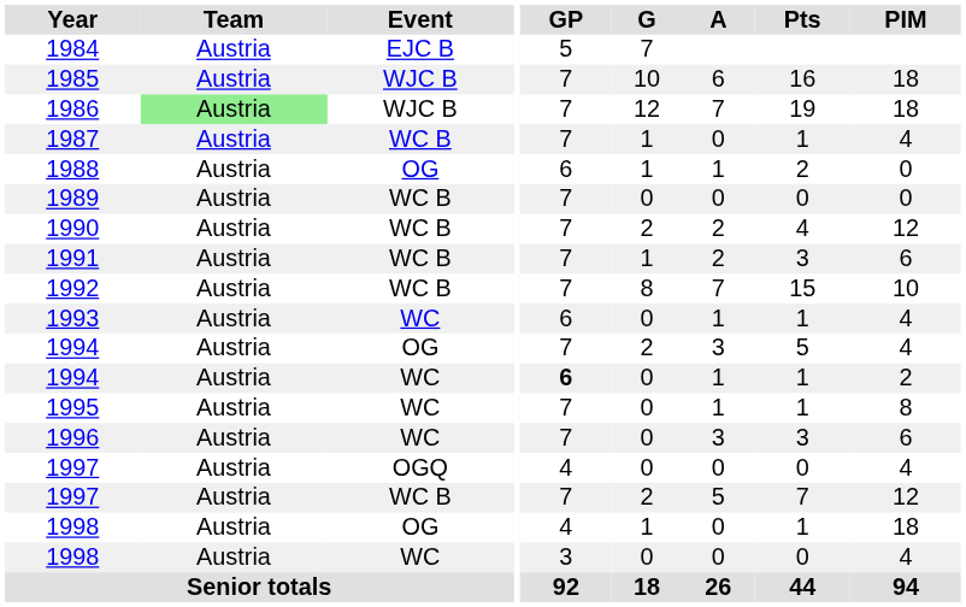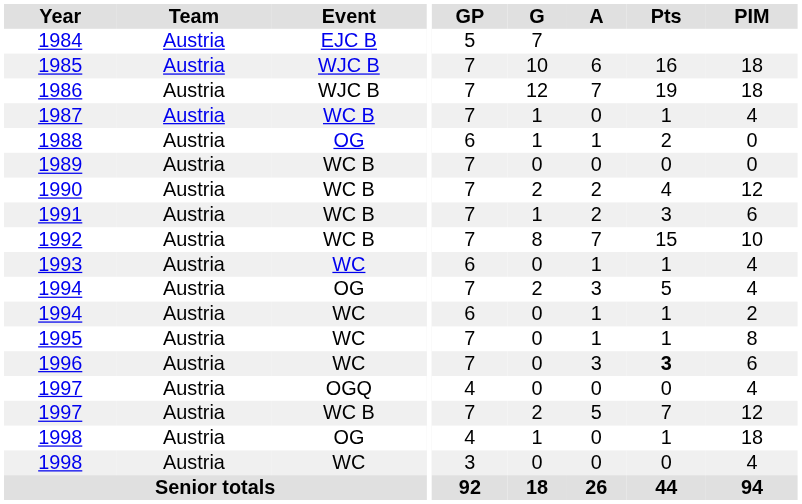 <table border="0" cellpadding="1" cellspacing="0" style="text-align:center; width:40em">
 <tr bgcolor="#e0e0e0">
 <th>Year</th>
 <th>Team</th>
 <th>Event</th>
 <th rowspan="99" bgcolor="#ffffff"></th>
 <th>GP</th>
 <th>G</th>
 <th>A</th>
 <th>Pts</th>
 <th>PIM</th>
 </tr>
 <tr>
 <td><a href='#'>1984</a></td>
 <td><a href='#'>Austria</a></td>
 <td><a href='#'>EJC B</a></td>
 <td>5</td>
 <td>7</td>
 <td></td>
 <td></td>
 <td></td>
 </tr>
 <tr bgcolor="#f0f0f0">
 <td><a href='#'>1985</a></td>
 <td><a href='#'>Austria</a></td>
 <td><a href='#'>WJC B</a></td>
 <td>7</td>
 <td>10</td>
 <td>6</td>
 <td>16</td>
 <td>18</td>
 </tr>
 <tr>
 <td><a href='#'>1986</a></td>
-<td style="background: lightgreen;">Austria</td>
+<td>Austria</td>
 <td>WJC B</td>
 <td>7</td>
 <td>12</td>
 <td>7</td>
 <td>19</td>
 <td>18</td>
 </tr>
 <tr bgcolor="#f0f0f0">
 <td><a href='#'>1987</a></td>
 <td><a href='#'>Austria</a></td>
 <td><a href='#'>WC B</a></td>
 <td>7</td>
 <td>1</td>
 <td>0</td>
 <td>1</td>
 <td>4</td>
 </tr>
 <tr>
 <td><a href='#'>1988</a></td>
 <td>Austria</td>
 <td><a href='#'>OG</a></td>
 <td>6</td>
 <td>1</td>
 <td>1</td>
 <td>2</td>
 <td>0</td>
 </tr>
 <tr bgcolor="#f0f0f0">
 <td><a href='#'>1989</a></td>
 <td>Austria</td>
 <td>WC B</td>
 <td>7</td>
 <td>0</td>
 <td>0</td>
 <td>0</td>
 <td>0</td>
 </tr>
 <tr>
 <td><a href='#'>1990</a></td>
 <td>Austria</td>
 <td>WC B</td>
 <td>7</td>
 <td>2</td>
 <td>2</td>
 <td>4</td>
 <td>12</td>
 </tr>
 <tr bgcolor="#f0f0f0">
 <td><a href='#'>1991</a></td>
 <td>Austria</td>
 <td>WC B</td>
 <td>7</td>
 <td>1</td>
 <td>2</td>
 <td>3</td>
 <td>6</td>
 </tr>
 <tr>
 <td><a href='#'>1992</a></td>
 <td>Austria</td>
 <td>WC B</td>
 <td>7</td>
 <td>8</td>
 <td>7</td>
 <td>15</td>
 <td>10</td>
 </tr>
 <tr bgcolor="#f0f0f0">
 <td><a href='#'>1993</a></td>
 <td>Austria</td>
 <td><a href='#'>WC</a></td>
 <td>6</td>
 <td>0</td>
 <td>1</td>
 <td>1</td>
 <td>4</td>
 </tr>
 <tr>
 <td><a href='#'>1994</a></td>
 <td>Austria</td>
 <td>OG</td>
 <td>7</td>
 <td>2</td>
 <td>3</td>
 <td>5</td>
 <td>4</td>
 </tr>
 <tr bgcolor="#f0f0f0">
 <td><a href='#'>1994</a></td>
 <td>Austria</td>
 <td>WC</td>
-<td><strong>6</strong></td>
+<td>6</td>
 <td>0</td>
 <td>1</td>
 <td>1</td>
 <td>2</td>
 </tr>
 <tr>
 <td><a href='#'>1995</a></td>
 <td>Austria</td>
 <td>WC</td>
 <td>7</td>
 <td>0</td>
 <td>1</td>
 <td>1</td>
 <td>8</td>
 </tr>
 <tr bgcolor="#f0f0f0">
 <td><a href='#'>1996</a></td>
 <td>Austria</td>
 <td>WC</td>
 <td>7</td>
 <td>0</td>
 <td>3</td>
-<td>3</td>
+<td><strong>3</strong></td>
 <td>6</td>
 </tr>
 <tr>
 <td><a href='#'>1997</a></td>
 <td>Austria</td>
 <td>OGQ</td>
 <td>4</td>
 <td>0</td>
 <td>0</td>
 <td>0</td>
 <td>4</td>
 </tr>
 <tr bgcolor="#f0f0f0">
 <td><a href='#'>1997</a></td>
 <td>Austria</td>
 <td>WC B</td>
 <td>7</td>
 <td>2</td>
 <td>5</td>
 <td>7</td>
 <td>12</td>
 </tr>
 <tr>
 <td><a href='#'>1998</a></td>
 <td>Austria</td>
 <td>OG</td>
 <td>4</td>
 <td>1</td>
 <td>0</td>
 <td>1</td>
 <td>18</td>
 </tr>
 <tr bgcolor="#f0f0f0">
 <td><a href='#'>1998</a></td>
 <td>Austria</td>
 <td>WC</td>
 <td>3</td>
 <td>0</td>
 <td>0</td>
 <td>0</td>
 <td>4</td>
 </tr>
 <tr bgcolor="#e0e0e0">
 <th colspan="3">Senior totals</th>
 <th>92</th>
 <th>18</th>
 <th>26</th>
 <th>44</th>
 <th>94</th>
 </tr>
 </table>
